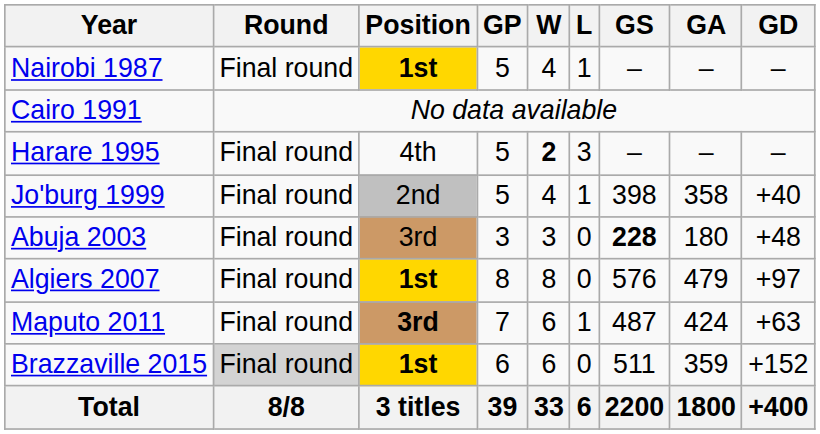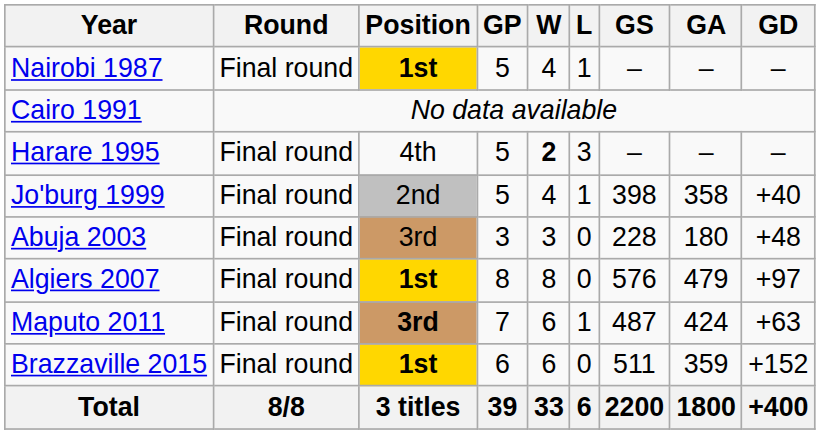 <table class="wikitable" style="text-align: center;">
 <tr>
 <th>Year</th>
 <th>Round</th>
 <th>Position</th>
 <th>GP</th>
 <th>W</th>
 <th>L</th>
 <th>GS</th>
 <th>GA</th>
 <th>GD</th>
 </tr>
 <tr>
 <td align=left> <a href='#'>Nairobi 1987</a></td>
 <td>Final round</td>
 <td bgcolor=gold><strong>1st</strong></td>
 <td>5</td>
 <td>4</td>
 <td>1</td>
 <td>–</td>
 <td>–</td>
 <td>–</td>
 </tr>
 <tr>
 <td align=left> <a href='#'>Cairo 1991</a></td>
 <td colspan=8><em>No data available</em></td>
 </tr>
 <tr>
 <td align=left> <a href='#'>Harare 1995</a></td>
 <td>Final round</td>
 <td>4th</td>
 <td>5</td>
 <td><strong>2</strong></td>
 <td>3</td>
 <td>–</td>
 <td>–</td>
 <td>–</td>
 </tr>
 <tr>
 <td align=left> <a href='#'>Jo'burg 1999</a></td>
 <td>Final round</td>
 <td bgcolor=silver>2nd</td>
 <td>5</td>
 <td>4</td>
 <td>1</td>
 <td>398</td>
 <td>358</td>
 <td>+40</td>
 </tr>
 <tr>
 <td align=left> <a href='#'>Abuja 2003</a></td>
 <td>Final round</td>
 <td bgcolor=#cc9966>3rd</td>
 <td>3</td>
 <td>3</td>
 <td>0</td>
-<td><strong>228</strong></td>
+<td>228</td>
 <td>180</td>
 <td>+48</td>
 </tr>
 <tr>
 <td align=left> <a href='#'>Algiers 2007</a></td>
 <td>Final round</td>
 <td bgcolor=gold><strong>1st</strong></td>
 <td>8</td>
 <td>8</td>
 <td>0</td>
 <td>576</td>
 <td>479</td>
 <td>+97</td>
 </tr>
 <tr>
 <td align=left> <a href='#'>Maputo 2011</a></td>
 <td>Final round</td>
 <td bgcolor=#cc9966><strong>3rd</strong></td>
 <td>7</td>
 <td>6</td>
 <td>1</td>
 <td>487</td>
 <td>424</td>
 <td>+63</td>
 </tr>
 <tr>
 <td align=left> <a href='#'>Brazzaville 2015</a></td>
-<td style="background: lightgrey;">Final round</td>
+<td>Final round</td>
 <td bgcolor=gold><strong>1st</strong></td>
 <td>6</td>
 <td>6</td>
 <td>0</td>
 <td>511</td>
 <td>359</td>
 <td>+152</td>
 </tr>
 <tr>
 <th>Total</th>
 <th>8/8</th>
 <th>3 titles</th>
 <th>39</th>
 <th>33</th>
 <th>6</th>
 <th>2200</th>
 <th>1800</th>
 <th>+400</th>
 </tr>
 </table>
